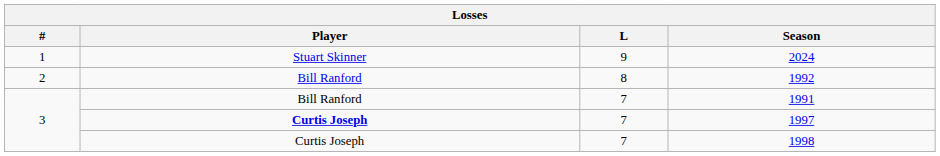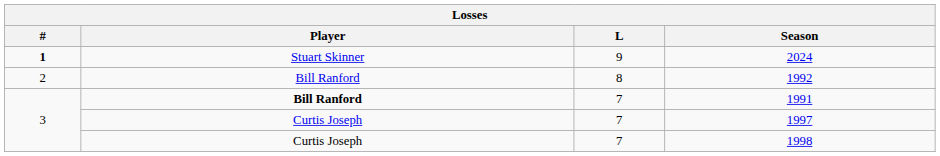 <table class="wikitable" style="text-align: center; font-size: 95%" width="70%">
 <tr>
 <th colspan="4">Losses</th>
 </tr>
 <tr>
 <th>#</th>
 <th>Player</th>
 <th>L</th>
 <th>Season</th>
 </tr>
 <tr>
-<td>1</td>
+<td><strong>1</strong></td>
 <td><a href='#'>Stuart Skinner</a></td>
 <td>9</td>
 <td><a href='#'>2024</a></td>
 </tr>
 <tr>
 <td>2</td>
 <td><a href='#'>Bill Ranford</a></td>
 <td>8</td>
 <td><a href='#'>1992</a></td>
 </tr>
 <tr>
 <td rowspan="3">3</td>
-<td>Bill Ranford</td>
+<td><strong>Bill Ranford</strong></td>
 <td>7</td>
 <td><a href='#'>1991</a></td>
 </tr>
 <tr>
-<td><strong><a href='#'>Curtis Joseph</a></strong></td>
+<td><a href='#'>Curtis Joseph</a></td>
 <td>7</td>
 <td><a href='#'>1997</a></td>
 </tr>
 <tr>
 <td>Curtis Joseph</td>
 <td>7</td>
 <td><a href='#'>1998</a></td>
 </tr>
 </table>
